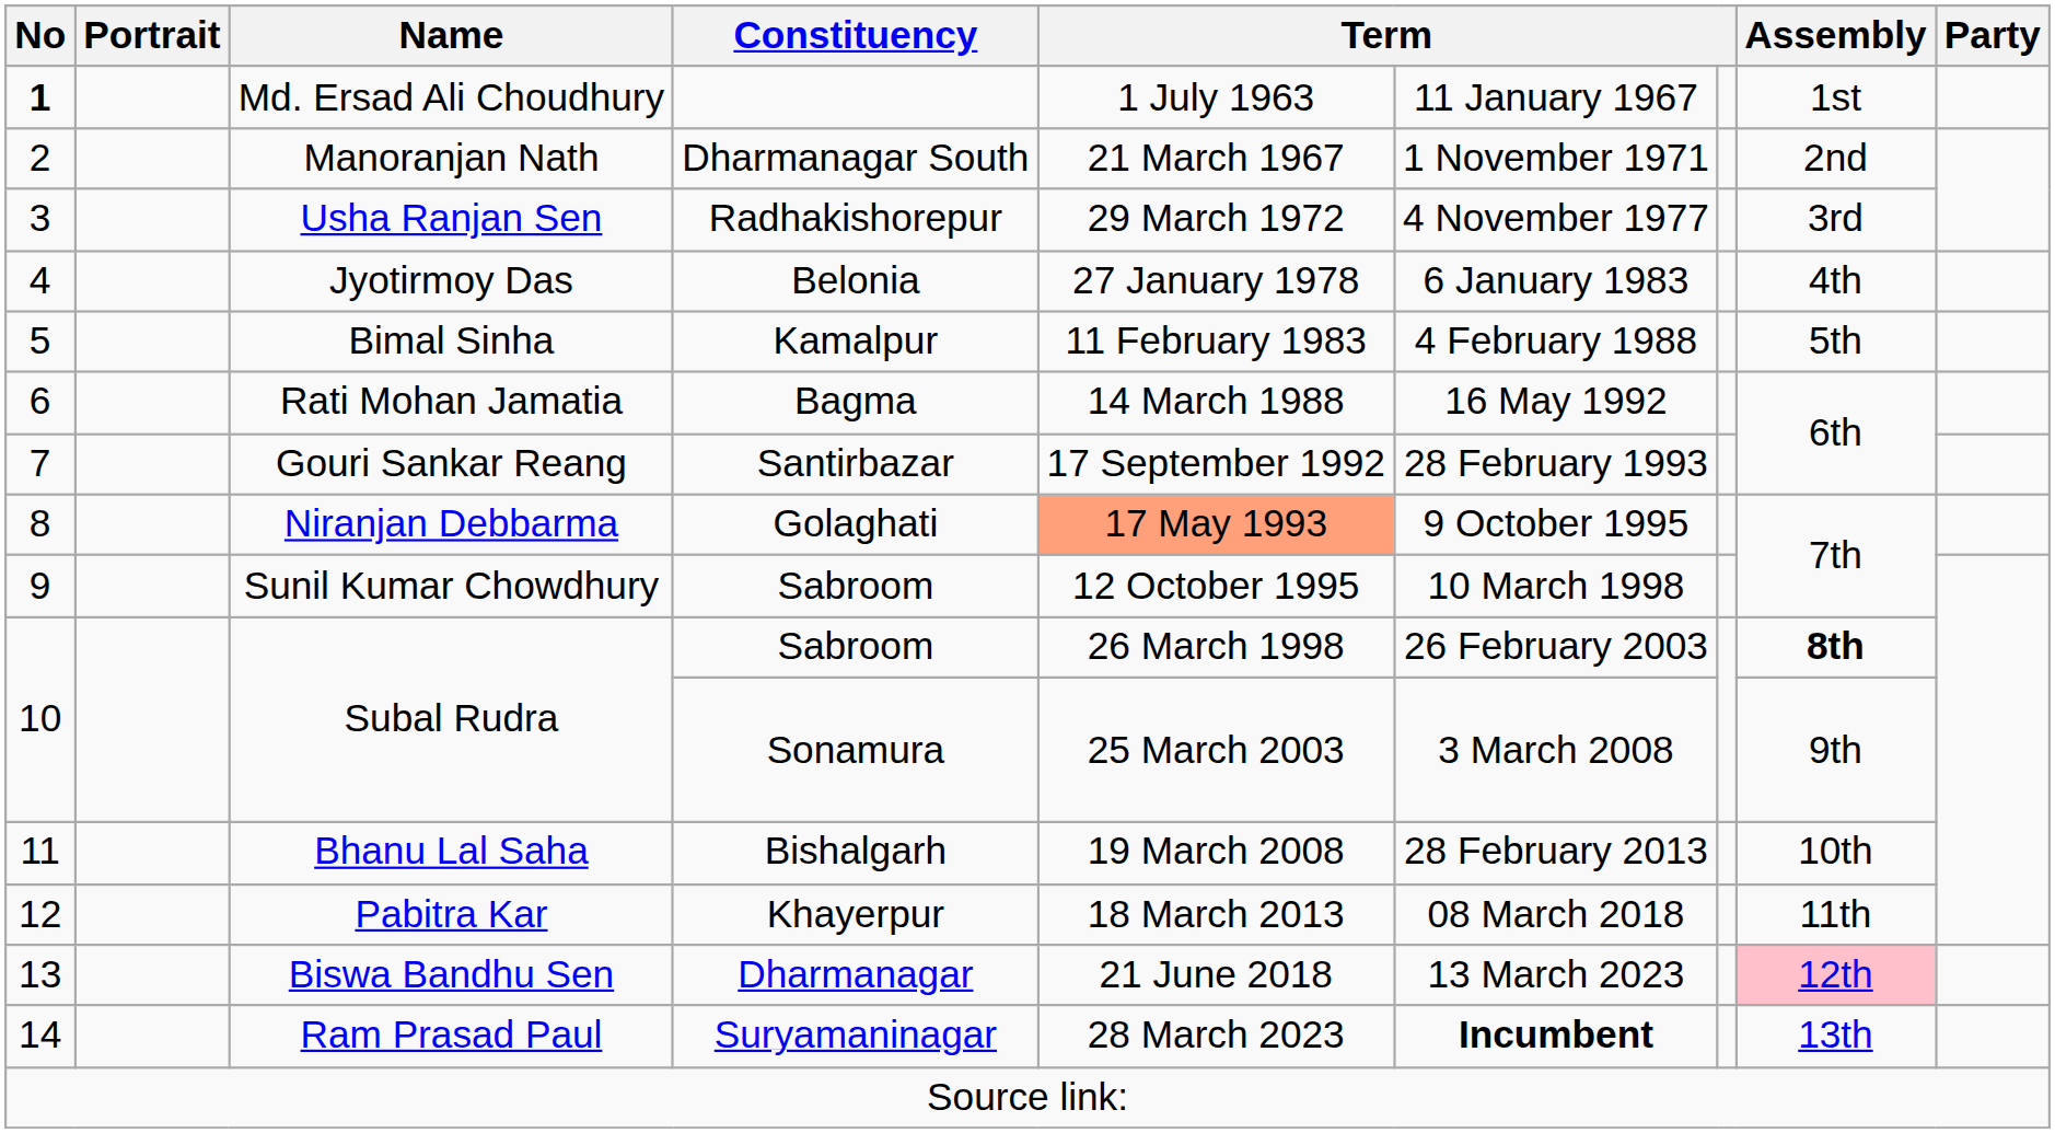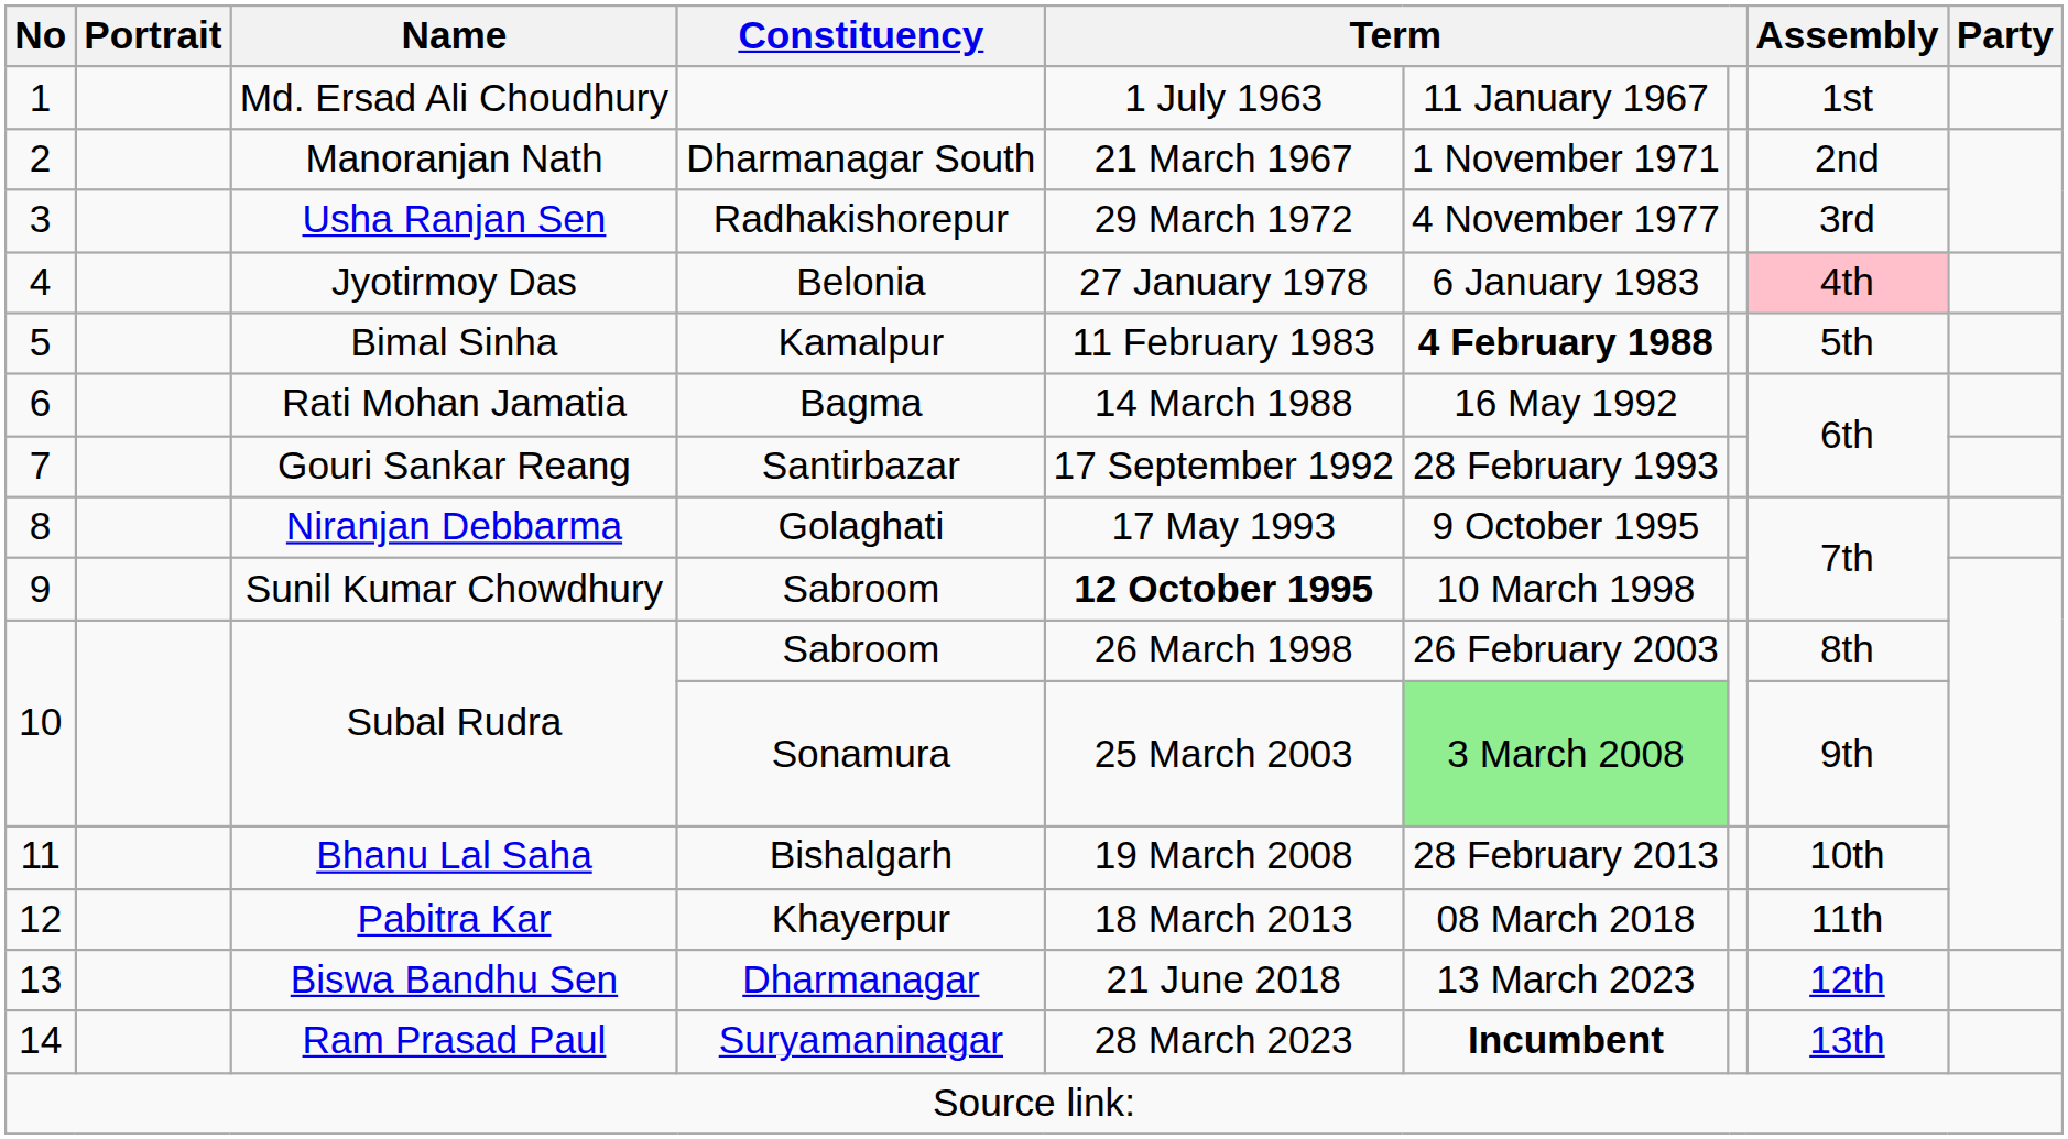 <table class="wikitable" style="text-align:center">
 <tr>
 <th>No</th>
 <th>Portrait</th>
 <th>Name</th>
 <th><a href='#'>Constituency</a></th>
 <th colspan="3">Term</th>
 <th>Assembly</th>
 <th colspan="2">Party</th>
 </tr>
 <tr>
-<td><strong>1</strong></td>
+<td>1</td>
 <td></td>
 <td>Md. Ersad Ali Choudhury</td>
 <td></td>
 <td>1 July 1963</td>
 <td>11 January 1967</td>
 <td></td>
 <td>1st</td>
 <td></td>
 </tr>
 <tr>
 <td>2</td>
 <td></td>
 <td>Manoranjan Nath</td>
 <td>Dharmanagar South</td>
 <td>21 March 1967</td>
 <td>1 November 1971</td>
 <td></td>
 <td>2nd</td>
 </tr>
 <tr>
 <td>3</td>
 <td></td>
 <td><a href='#'>Usha Ranjan Sen</a></td>
 <td>Radhakishorepur</td>
 <td>29 March 1972</td>
 <td>4 November 1977</td>
 <td></td>
 <td>3rd</td>
 </tr>
 <tr>
 <td>4</td>
 <td></td>
 <td>Jyotirmoy Das</td>
 <td>Belonia</td>
 <td>27 January 1978</td>
 <td>6 January 1983</td>
 <td></td>
-<td>4th</td>
+<td style="background: pink;">4th</td>
 <td></td>
 </tr>
 <tr>
 <td>5</td>
 <td></td>
 <td>Bimal Sinha</td>
 <td>Kamalpur</td>
 <td>11 February 1983</td>
-<td>4 February 1988</td>
+<td><strong>4 February 1988</strong></td>
 <td></td>
 <td>5th</td>
 </tr>
 <tr>
 <td>6</td>
 <td></td>
 <td>Rati Mohan Jamatia</td>
 <td>Bagma</td>
 <td>14 March 1988</td>
 <td>16 May 1992</td>
 <td></td>
 <td rowspan=2>6th</td>
 <td></td>
 </tr>
 <tr>
 <td>7</td>
 <td></td>
 <td>Gouri Sankar Reang</td>
 <td>Santirbazar</td>
 <td>17 September 1992</td>
 <td>28 February 1993</td>
 <td></td>
 </tr>
 <tr>
 <td>8</td>
 <td></td>
 <td><a href='#'>Niranjan Debbarma</a></td>
 <td>Golaghati</td>
-<td style="background: lightsalmon;">17 May 1993</td>
+<td>17 May 1993</td>
 <td>9 October 1995</td>
 <td></td>
 <td rowspan=2>7th</td>
 <td></td>
 </tr>
 <tr>
 <td>9</td>
 <td></td>
 <td>Sunil Kumar Chowdhury</td>
 <td>Sabroom</td>
-<td>12 October 1995</td>
+<td><strong>12 October 1995</strong></td>
 <td>10 March 1998</td>
 <td></td>
 </tr>
 <tr>
 <td rowspan=2>10</td>
 <td rowspan=2></td>
 <td rowspan=2>Subal Rudra</td>
 <td>Sabroom</td>
 <td>26 March 1998</td>
 <td>26 February 2003</td>
 <td rowspan=2></td>
-<td><strong>8th</strong></td>
+<td>8th</td>
 </tr>
 <tr style="text-align:center; height:60px;">
 <td>Sonamura</td>
 <td>25 March 2003</td>
-<td>3 March 2008</td>
+<td style="background: lightgreen;">3 March 2008</td>
 <td>9th</td>
 </tr>
 <tr>
 <td>11</td>
 <td></td>
 <td><a href='#'>Bhanu Lal Saha</a></td>
 <td>Bishalgarh</td>
 <td>19 March 2008</td>
 <td>28 February 2013</td>
 <td></td>
 <td>10th</td>
 </tr>
 <tr>
 <td>12</td>
 <td></td>
 <td><a href='#'>Pabitra Kar</a></td>
 <td>Khayerpur</td>
 <td>18 March 2013</td>
 <td>08 March 2018</td>
 <td></td>
 <td>11th</td>
 </tr>
 <tr>
 <td>13</td>
 <td></td>
 <td><a href='#'>Biswa Bandhu Sen</a></td>
 <td><a href='#'>Dharmanagar</a></td>
 <td>21 June 2018</td>
 <td>13 March 2023</td>
 <td></td>
-<td style="background: pink;"><a href='#'>12th</a></td>
+<td><a href='#'>12th</a></td>
 <td></td>
 </tr>
 <tr>
 <td>14</td>
 <td></td>
 <td><a href='#'>Ram Prasad Paul</a></td>
 <td><a href='#'>Suryamaninagar</a></td>
 <td>28 March 2023</td>
 <td><strong>Incumbent</strong></td>
 <td></td>
 <td><a href='#'>13th</a></td>
 </tr>
 <tr>
 <td colspan=11>Source link:</td>
 </tr>
 </table>
